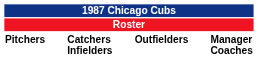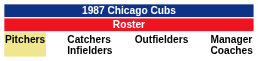 <table class="toccolours" style="font-size: 95%;">
 <tr>
 <th colspan="10" style="background-color: #0e3386; color: white; text-align: center;">1987 Chicago Cubs</th>
 </tr>
 <tr>
 <td colspan="10" style="background-color: #EE1422; color: white; text-align: center;"><strong>Roster</strong></td>
 </tr>
 <tr>
-<td valign="top"><strong>Pitchers</strong><br>              </td>
+<td valign="top" style="background: khaki;"><strong>Pitchers</strong><br>              </td>
 <td width="25px"></td>
 <td valign="top"><strong>Catchers</strong><br>   <strong>Infielders</strong>         </td>
 <td width="25px"></td>
 <td valign="top"><strong>Outfielders</strong><br>        </td>
 <td width="25px"></td>
 <td valign="top"><strong>Manager</strong><br>  <strong>Coaches</strong>     </td>
 </tr>
 </table>
